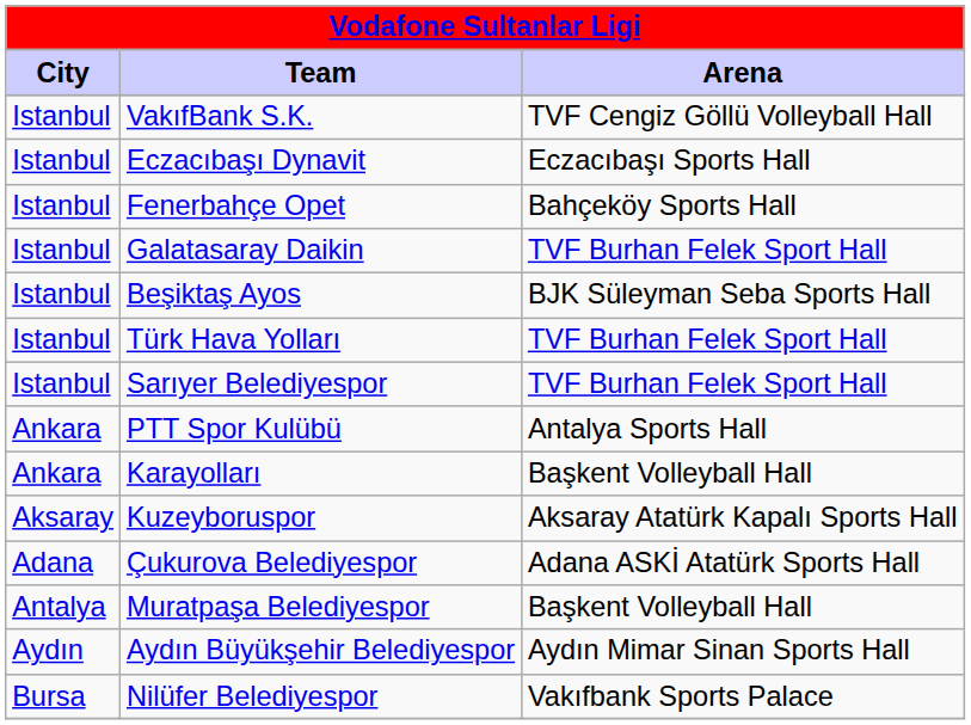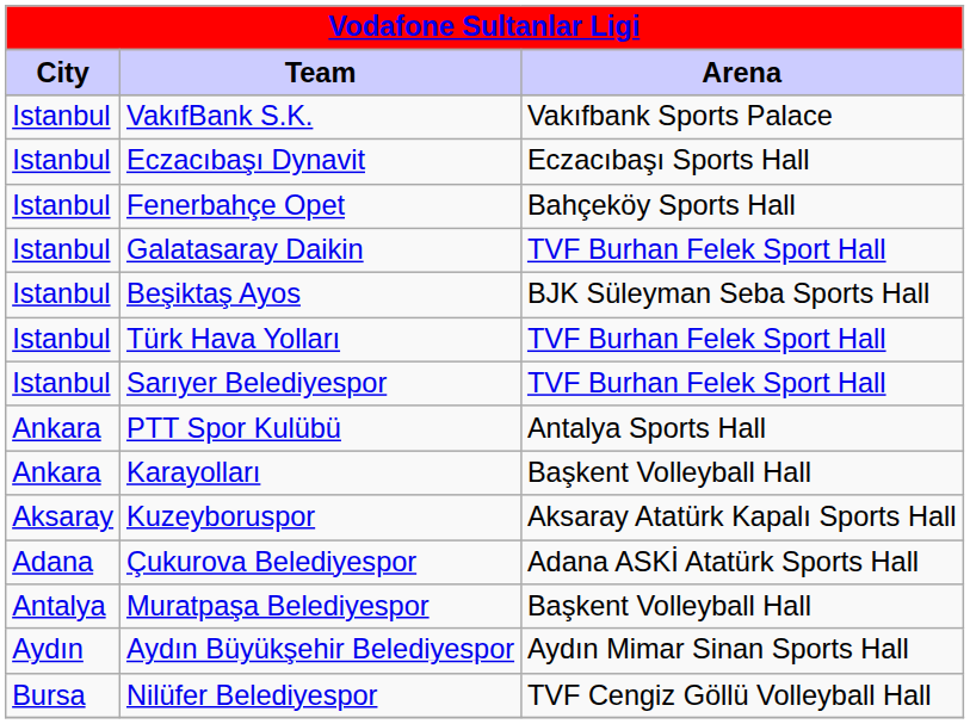 <table class="wikitable">
 <tr bgcolor="#FF0000">
 <td colspan="8" align="center"><strong><a href='#'><span>Vodafone Sultanlar Ligi</span></a></strong></td>
 </tr>
 <tr>
 </tr>
 <tr bgcolor="#ccccff">
 <td align="center"><strong>City</strong></td>
 <td align="center"><strong>Team</strong></td>
 <td align="center"><strong>Arena</strong></td>
 </tr>
 <tr>
 </tr>
 <tr class="wikitable">
 <td><a href='#'>Istanbul</a></td>
 <td><a href='#'>VakıfBank S.K.</a></td>
-<td>TVF Cengiz Göllü Volleyball Hall</td>
+<td>Vakıfbank Sports Palace</td>
 </tr>
 <tr>
 <td><a href='#'>Istanbul</a></td>
 <td><a href='#'>Eczacıbaşı Dynavit</a></td>
 <td>Eczacıbaşı Sports Hall</td>
 </tr>
 <tr>
 <td><a href='#'>Istanbul</a></td>
 <td><a href='#'>Fenerbahçe Opet</a></td>
 <td>Bahçeköy Sports Hall</td>
 </tr>
 <tr>
 <td><a href='#'>Istanbul</a></td>
 <td><a href='#'>Galatasaray Daikin</a></td>
 <td><a href='#'>TVF Burhan Felek Sport Hall</a></td>
 </tr>
 <tr>
 <td><a href='#'>Istanbul</a></td>
 <td><a href='#'>Beşiktaş Ayos</a></td>
 <td>BJK Süleyman Seba Sports Hall</td>
 </tr>
 <tr>
 <td><a href='#'>Istanbul</a></td>
 <td><a href='#'>Türk Hava Yolları</a></td>
 <td><a href='#'>TVF Burhan Felek Sport Hall</a></td>
 </tr>
 <tr>
 <td><a href='#'>Istanbul</a></td>
 <td><a href='#'>Sarıyer Belediyespor</a></td>
 <td><a href='#'>TVF Burhan Felek Sport Hall</a></td>
 </tr>
 <tr>
 <td><a href='#'>Ankara</a></td>
 <td><a href='#'>PTT Spor Kulübü</a></td>
 <td>Antalya Sports Hall</td>
 </tr>
 <tr>
 <td><a href='#'>Ankara</a></td>
 <td><a href='#'>Karayolları</a></td>
 <td>Başkent Volleyball Hall</td>
 </tr>
 <tr>
 <td><a href='#'>Aksaray</a></td>
 <td><a href='#'>Kuzeyboruspor</a></td>
 <td>Aksaray Atatürk Kapalı Sports Hall</td>
 </tr>
 <tr>
 <td><a href='#'>Adana</a></td>
 <td><a href='#'>Çukurova Belediyespor</a></td>
 <td>Adana ASKİ Atatürk Sports Hall</td>
 </tr>
 <tr>
 <td><a href='#'>Antalya</a></td>
 <td><a href='#'>Muratpaşa Belediyespor</a></td>
 <td>Başkent Volleyball Hall</td>
 </tr>
 <tr>
 <td><a href='#'>Aydın</a></td>
 <td><a href='#'>Aydın Büyükşehir Belediyespor</a></td>
 <td>Aydın Mimar Sinan Sports Hall</td>
 </tr>
 <tr>
 <td><a href='#'>Bursa</a></td>
 <td><a href='#'>Nilüfer Belediyespor</a></td>
-<td>Vakıfbank Sports Palace</td>
+<td>TVF Cengiz Göllü Volleyball Hall</td>
 </tr>
 <tr>
 </tr>
 </table>
